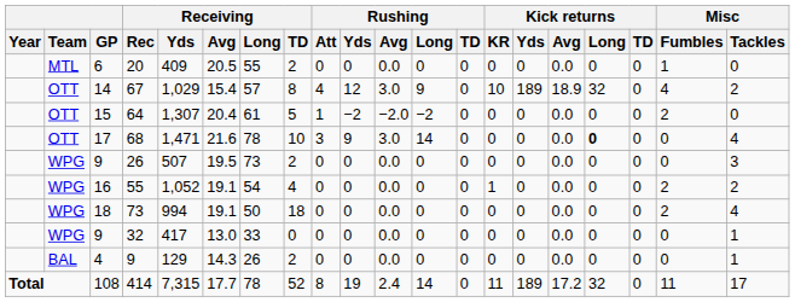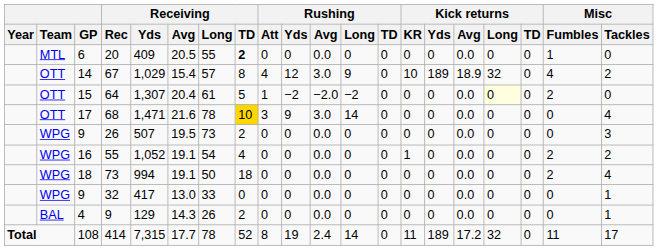 <table class="wikitable sortable">
 <tr>
 <th colspan=3></th>
 <th colspan=5>Receiving</th>
 <th colspan=5>Rushing</th>
 <th colspan=5>Kick returns</th>
 <th colspan=2>Misc</th>
 </tr>
 <tr>
 <th scope="col">Year</th>
 <th scope="col">Team</th>
 <th scope="col">GP</th>
 <th scope="col">Rec</th>
 <th scope="col">Yds</th>
 <th scope="col">Avg</th>
 <th scope="col">Long</th>
 <th scope="col">TD</th>
 <th scope="col">Att</th>
 <th scope="col">Yds</th>
 <th scope="col">Avg</th>
 <th scope="col">Long</th>
 <th scope="col">TD</th>
 <th scope="col">KR</th>
 <th scope="col">Yds</th>
 <th scope="col">Avg</th>
 <th scope="col">Long</th>
 <th scope="col">TD</th>
 <th scope="col">Fumbles</th>
 <th scope="col">Tackles</th>
 </tr>
 <tr>
 <td scope="row"></td>
 <td><a href='#'>MTL</a></td>
 <td>6</td>
 <td>20</td>
 <td>409</td>
 <td>20.5</td>
 <td>55</td>
-<td>2</td>
+<td><strong>2</strong></td>
 <td>0</td>
 <td>0</td>
 <td>0.0</td>
 <td>0</td>
 <td>0</td>
 <td>0</td>
 <td>0</td>
 <td>0.0</td>
 <td>0</td>
 <td>0</td>
 <td>1</td>
 <td>0</td>
 </tr>
 <tr>
 <td scope="row"></td>
 <td><a href='#'>OTT</a></td>
 <td>14</td>
 <td>67</td>
 <td>1,029</td>
 <td>15.4</td>
 <td>57</td>
 <td>8</td>
 <td>4</td>
 <td>12</td>
 <td>3.0</td>
 <td>9</td>
 <td>0</td>
 <td>10</td>
 <td>189</td>
 <td>18.9</td>
 <td>32</td>
 <td>0</td>
 <td>4</td>
 <td>2</td>
 </tr>
 <tr>
 <td scope="row"></td>
 <td><a href='#'>OTT</a></td>
 <td>15</td>
 <td>64</td>
 <td>1,307</td>
 <td>20.4</td>
 <td>61</td>
 <td>5</td>
 <td>1</td>
 <td>−2</td>
 <td>−2.0</td>
 <td>−2</td>
 <td>0</td>
 <td>0</td>
 <td>0</td>
 <td>0.0</td>
-<td>0</td>
+<td style="background: lightyellow;">0</td>
 <td>0</td>
 <td>2</td>
 <td>0</td>
 </tr>
 <tr>
 <td scope="row"></td>
 <td><a href='#'>OTT</a></td>
 <td>17</td>
 <td>68</td>
 <td>1,471</td>
 <td>21.6</td>
 <td>78</td>
-<td>10</td>
+<td style="background: gold;">10</td>
 <td>3</td>
 <td>9</td>
 <td>3.0</td>
 <td>14</td>
 <td>0</td>
 <td>0</td>
 <td>0</td>
 <td>0.0</td>
-<td><strong>0</strong></td>
+<td>0</td>
 <td>0</td>
 <td>0</td>
 <td>4</td>
 </tr>
 <tr>
 <td scope="row"></td>
 <td><a href='#'>WPG</a></td>
 <td>9</td>
 <td>26</td>
 <td>507</td>
 <td>19.5</td>
 <td>73</td>
 <td>2</td>
 <td>0</td>
 <td>0</td>
 <td>0.0</td>
 <td>0</td>
 <td>0</td>
 <td>0</td>
 <td>0</td>
 <td>0.0</td>
 <td>0</td>
 <td>0</td>
 <td>0</td>
 <td>3</td>
 </tr>
 <tr>
 <td scope="row"></td>
 <td><a href='#'>WPG</a></td>
 <td>16</td>
 <td>55</td>
 <td>1,052</td>
 <td>19.1</td>
 <td>54</td>
 <td>4</td>
 <td>0</td>
 <td>0</td>
 <td>0.0</td>
 <td>0</td>
 <td>0</td>
 <td>1</td>
 <td>0</td>
 <td>0.0</td>
 <td>0</td>
 <td>0</td>
 <td>2</td>
 <td>2</td>
 </tr>
 <tr>
 <td scope="row"></td>
 <td><a href='#'>WPG</a></td>
 <td>18</td>
 <td>73</td>
 <td>994</td>
 <td>19.1</td>
 <td>50</td>
 <td>18</td>
 <td>0</td>
 <td>0</td>
 <td>0.0</td>
 <td>0</td>
 <td>0</td>
 <td>0</td>
 <td>0</td>
 <td>0.0</td>
 <td>0</td>
 <td>0</td>
 <td>2</td>
 <td>4</td>
 </tr>
 <tr>
 <td scope="row"></td>
 <td><a href='#'>WPG</a></td>
 <td>9</td>
 <td>32</td>
 <td>417</td>
 <td>13.0</td>
 <td>33</td>
 <td>0</td>
 <td>0</td>
 <td>0</td>
 <td>0.0</td>
 <td>0</td>
 <td>0</td>
 <td>0</td>
 <td>0</td>
 <td>0.0</td>
 <td>0</td>
 <td>0</td>
 <td>0</td>
 <td>1</td>
 </tr>
 <tr>
 <td scope="row"></td>
 <td><a href='#'>BAL</a></td>
 <td>4</td>
 <td>9</td>
 <td>129</td>
 <td>14.3</td>
 <td>26</td>
 <td>2</td>
 <td>0</td>
 <td>0</td>
 <td>0.0</td>
 <td>0</td>
 <td>0</td>
 <td>0</td>
 <td>0</td>
 <td>0.0</td>
 <td>0</td>
 <td>0</td>
 <td>0</td>
 <td>1</td>
 </tr>
 <tr class="sortbottom">
 <td colspan=2><strong>Total</strong></td>
 <td>108</td>
 <td>414</td>
 <td>7,315</td>
 <td>17.7</td>
 <td>78</td>
 <td>52</td>
 <td>8</td>
 <td>19</td>
 <td>2.4</td>
 <td>14</td>
 <td>0</td>
 <td>11</td>
 <td>189</td>
 <td>17.2</td>
 <td>32</td>
 <td>0</td>
 <td>11</td>
 <td>17</td>
 </tr>
 </table>
